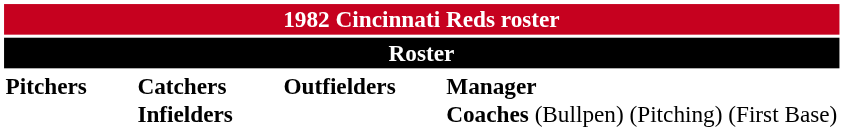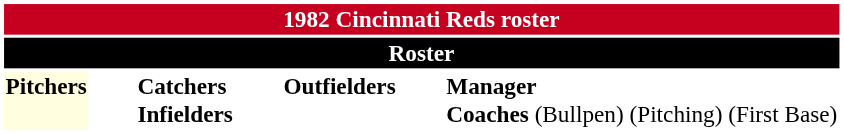 <table class="toccolours" style="font-size: 95%;">
 <tr>
 <th colspan="10" style="background-color: #c6011f; color: white; text-align: center;">1982 Cincinnati Reds roster</th>
 </tr>
 <tr>
 <td colspan="10" style="background-color: black; color: white; text-align: center;"><strong>Roster</strong></td>
 </tr>
 <tr>
-<td valign="top"><strong>Pitchers</strong><br>             </td>
+<td valign="top" style="background: lightyellow;"><strong>Pitchers</strong><br>             </td>
 <td width="25px"></td>
 <td valign="top"><strong>Catchers</strong><br>   <strong>Infielders</strong>        </td>
 <td width="25px"></td>
 <td valign="top"><strong>Outfielders</strong><br>       </td>
 <td width="25px"></td>
 <td valign="top"><strong>Manager</strong><br>  <strong>Coaches</strong>   (Bullpen)  (Pitching)  (First Base) </td>
 </tr>
 </table>
